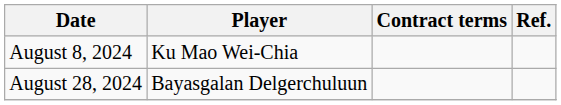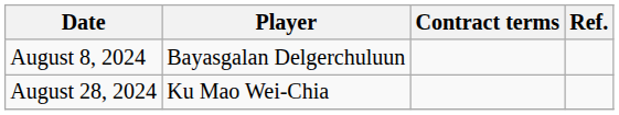 <table class="wikitable">
 <tr>
 <th>Date</th>
 <th>Player</th>
 <th>Contract terms</th>
 <th>Ref.</th>
 </tr>
 <tr>
 <td>August 8, 2024</td>
-<td>Ku Mao Wei-Chia</td>
+<td>Bayasgalan Delgerchuluun</td>
 <td></td>
 <td></td>
 </tr>
 <tr>
 <td>August 28, 2024</td>
-<td>Bayasgalan Delgerchuluun</td>
+<td>Ku Mao Wei-Chia</td>
 <td></td>
 <td></td>
 </tr>
 <tr>
 </tr>
 </table>
